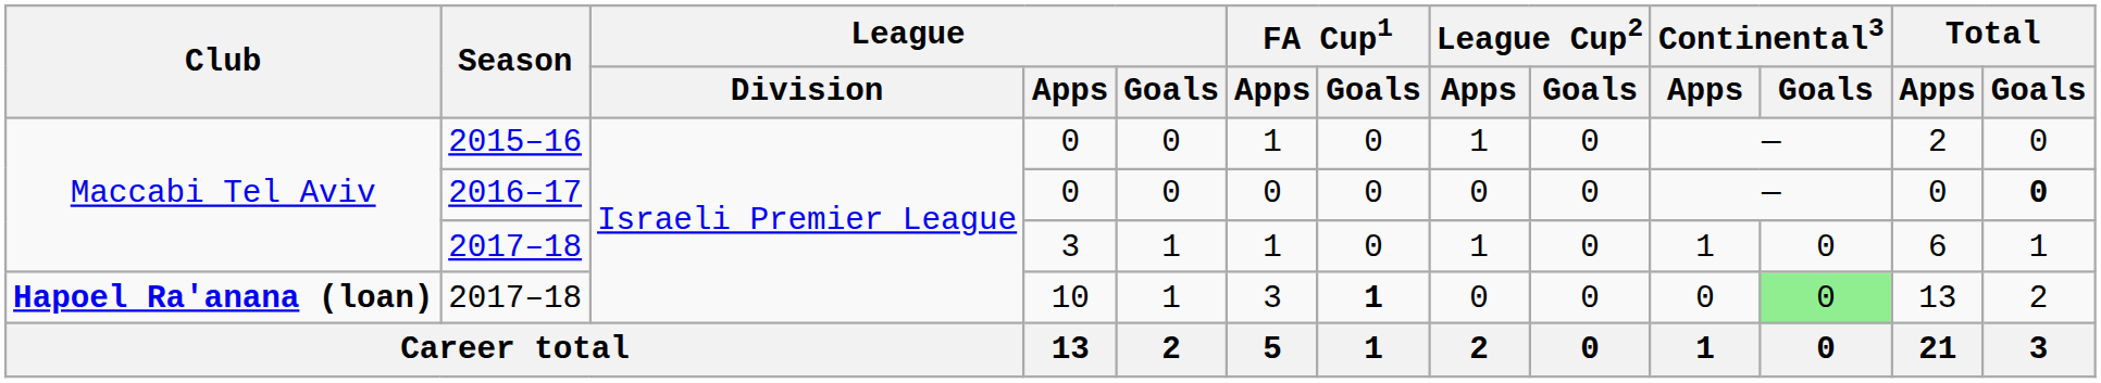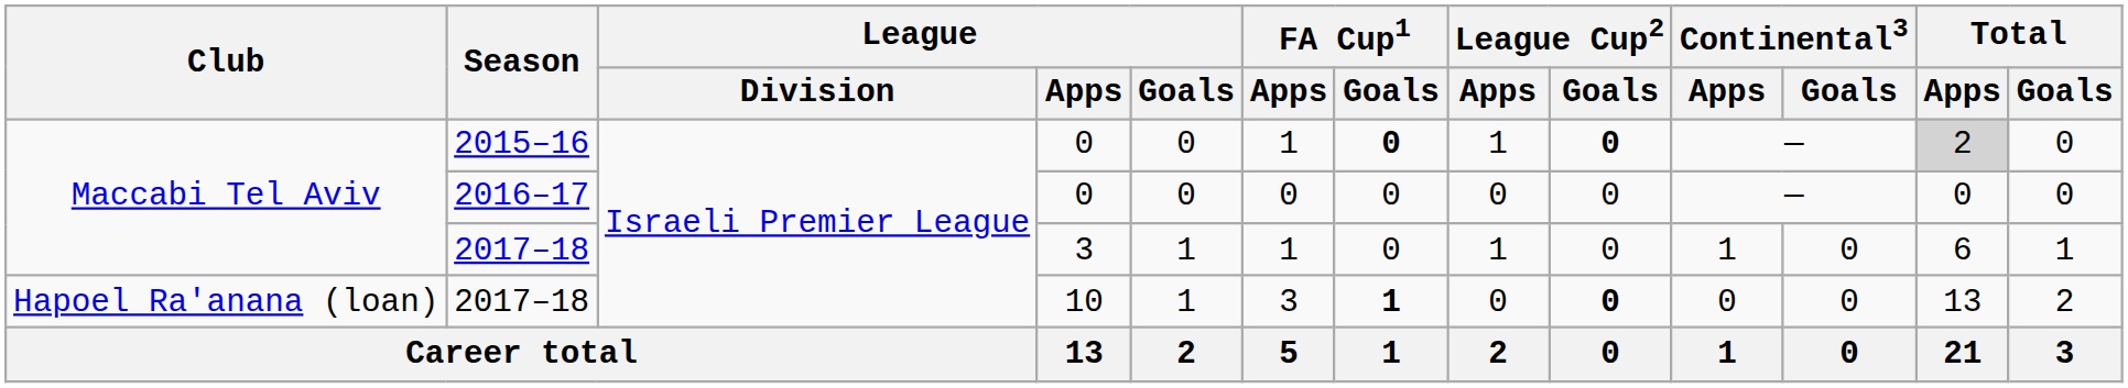 <table class=wikitable style="text-align: center;">
 <tr>
 <th rowspan=2>Club</th>
 <th rowspan=2>Season</th>
 <th colspan=3>League</th>
 <th colspan=2>FA Cup<sup>1</sup></th>
 <th colspan=2>League Cup<sup>2</sup></th>
 <th colspan=2>Continental<sup>3</sup></th>
 <th colspan=2>Total</th>
 </tr>
 <tr>
 <th>Division</th>
 <th>Apps</th>
 <th>Goals</th>
 <th>Apps</th>
 <th>Goals</th>
 <th>Apps</th>
 <th>Goals</th>
 <th>Apps</th>
 <th>Goals</th>
 <th>Apps</th>
 <th>Goals</th>
 </tr>
 <tr>
 <td rowspan=3><a href='#'>Maccabi Tel Aviv</a></td>
 <td><a href='#'>2015–16</a></td>
 <td rowspan=4><a href='#'>Israeli Premier League</a></td>
 <td>0</td>
 <td>0</td>
 <td>1</td>
-<td>0</td>
+<td><strong>0</strong></td>
 <td>1</td>
-<td>0</td>
+<td><strong>0</strong></td>
 <td colspan=2>—</td>
-<td>2</td>
+<td style="background: lightgrey;">2</td>
 <td>0</td>
 </tr>
 <tr>
 <td><a href='#'>2016–17</a></td>
 <td>0</td>
 <td>0</td>
 <td>0</td>
 <td>0</td>
 <td>0</td>
 <td>0</td>
 <td colspan=2>—</td>
 <td>0</td>
-<td><strong>0</strong></td>
+<td>0</td>
 </tr>
 <tr>
 <td><a href='#'>2017–18</a></td>
 <td>3</td>
 <td>1</td>
 <td>1</td>
 <td>0</td>
 <td>1</td>
 <td>0</td>
 <td>1</td>
 <td>0</td>
 <td>6</td>
 <td>1</td>
 </tr>
 <tr>
-<td rowspan=1><strong><a href='#'>Hapoel Ra'anana</a> (loan)</strong></td>
+<td rowspan=1><a href='#'>Hapoel Ra'anana</a> (loan)</td>
 <td>2017–18</td>
 <td>10</td>
 <td>1</td>
 <td>3</td>
 <td><strong>1</strong></td>
 <td>0</td>
+<td><strong>0</strong></td>
 <td>0</td>
 <td>0</td>
-<td style="background: lightgreen;">0</td>
 <td>13</td>
 <td>2</td>
 </tr>
 <tr>
 <th colspan=3>Career total</th>
 <th>13</th>
 <th>2</th>
 <th>5</th>
 <th>1</th>
 <th>2</th>
 <th>0</th>
 <th>1</th>
 <th>0</th>
 <th>21</th>
 <th>3</th>
 </tr>
 </table>
